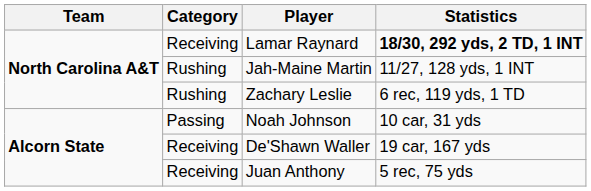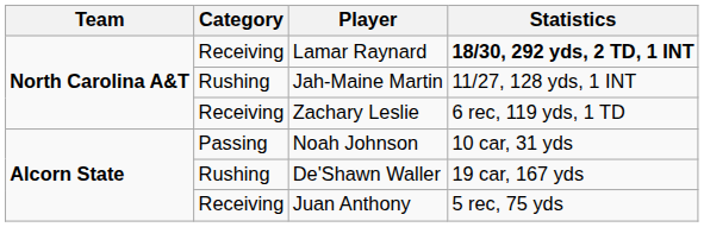 <table class="wikitable">
 <tr>
 <th>Team</th>
 <th>Category</th>
 <th>Player</th>
 <th>Statistics</th>
 </tr>
 <tr>
 <td rowspan=3><strong>North Carolina A&T</strong></td>
 <td>Receiving</td>
 <td>Lamar Raynard</td>
 <td><strong>18/30, 292 yds, 2 TD, 1 INT</strong></td>
 </tr>
 <tr>
 <td>Rushing</td>
 <td>Jah-Maine Martin</td>
 <td>11/27, 128 yds, 1 INT</td>
 </tr>
 <tr>
-<td>Rushing</td>
+<td>Receiving</td>
 <td>Zachary Leslie</td>
 <td>6 rec, 119 yds, 1 TD</td>
 </tr>
 <tr>
 <td rowspan=3><strong>Alcorn State</strong></td>
 <td>Passing</td>
 <td>Noah Johnson</td>
 <td>10 car, 31 yds</td>
 </tr>
 <tr>
-<td>Receiving</td>
+<td>Rushing</td>
 <td>De'Shawn Waller</td>
 <td>19 car, 167 yds</td>
 </tr>
 <tr>
 <td>Receiving</td>
 <td>Juan Anthony</td>
 <td>5 rec, 75 yds</td>
 </tr>
 </table>
